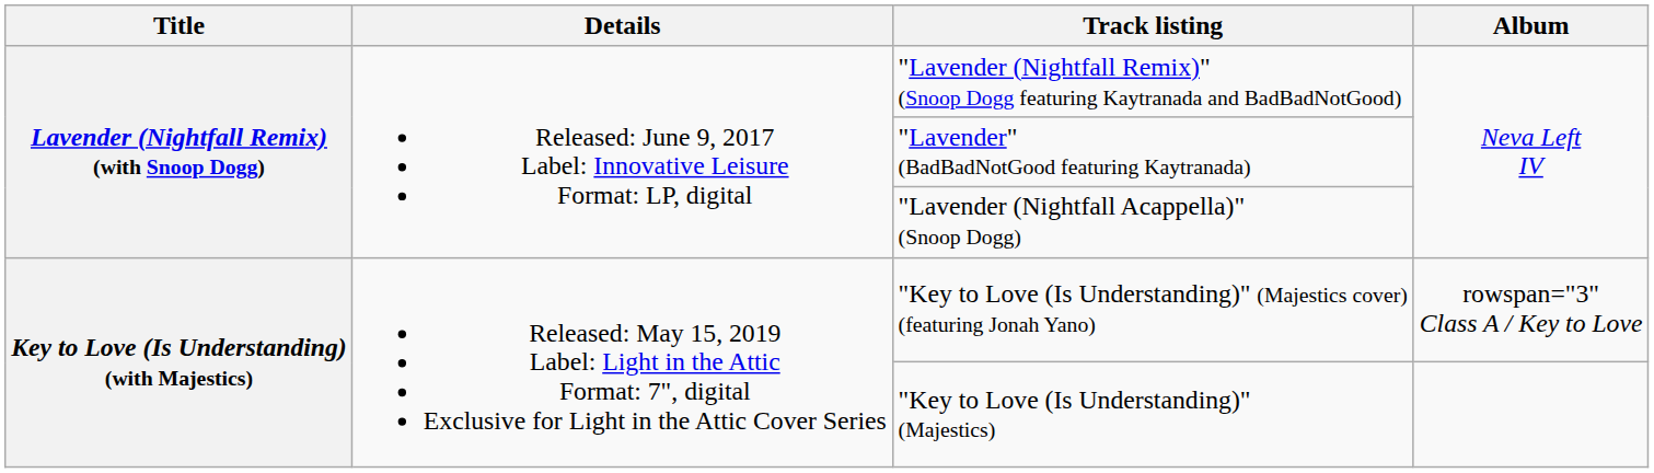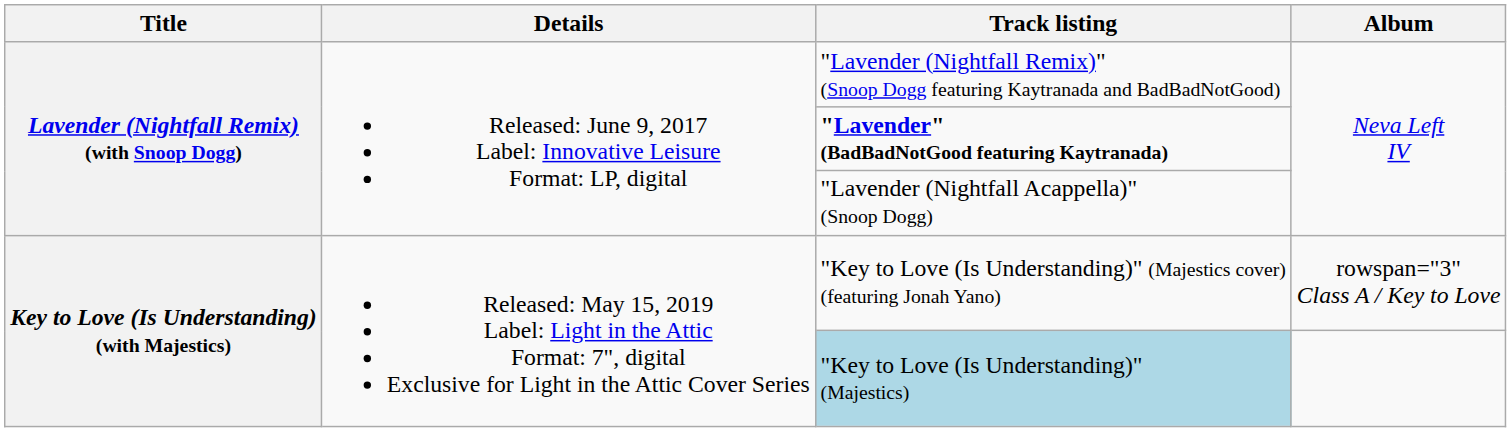 <table class="wikitable plainrowheaders" style="text-align:center;">
 <tr>
 <th scope="col">Title</th>
 <th scope="col">Details</th>
 <th scope="col">Track listing</th>
 <th scope="col">Album</th>
 </tr>
 <tr>
 <th rowspan="3" scope="row"><em><a href='#'>Lavender (Nightfall Remix)</a></em><br><small>(with <a href='#'>Snoop Dogg</a>)</small></th>
 <td rowspan="3"><br><ul><li>Released: June 9, 2017</li><li>Label: <a href='#'>Innovative Leisure</a></li><li>Format: LP, digital</li></ul></td>
 <td style="text-align: left;">"<a href='#'>Lavender (Nightfall Remix)</a>"<br><small>(<a href='#'>Snoop Dogg</a> featuring Kaytranada and BadBadNotGood)</small></td>
 <td rowspan="3"><em><a href='#'>Neva Left</a></em><br><em><a href='#'>IV</a></em></td>
 </tr>
 <tr>
-<td style="text-align: left;">"<a href='#'>Lavender</a>"<br><small>(BadBadNotGood featuring Kaytranada)</small></td>
+<td style="text-align: left;"><strong>"<a href='#'>Lavender</a>"<br><small>(BadBadNotGood featuring Kaytranada)</small></strong></td>
 </tr>
 <tr>
 <td style="text-align: left;">"Lavender (Nightfall Acappella)"<br><small>(Snoop Dogg)</small></td>
 </tr>
 <tr>
 <th rowspan="2" scope="row"><em>Key to Love (Is Understanding)</em><br><small>(with Majestics)</small></th>
 <td rowspan="2"><br><ul><li>Released: May 15, 2019</li><li>Label: <a href='#'>Light in the Attic</a></li><li>Format: 7", digital</li><li>Exclusive for Light in the Attic Cover Series</li></ul></td>
 <td style="text-align: left;">"Key to Love (Is Understanding)" <small>(Majestics cover)</small><br><small>(featuring Jonah Yano)</small></td>
 <td>rowspan="3" <br><em>Class A / Key to Love</em></td>
 </tr>
 <tr>
-<td style="text-align: left;">"Key to Love (Is Understanding)"<br><small>(Majestics)</small></td>
+<td style="background: lightblue; text-align: left;">"Key to Love (Is Understanding)"<br><small>(Majestics)</small></td>
 </tr>
 </table>
